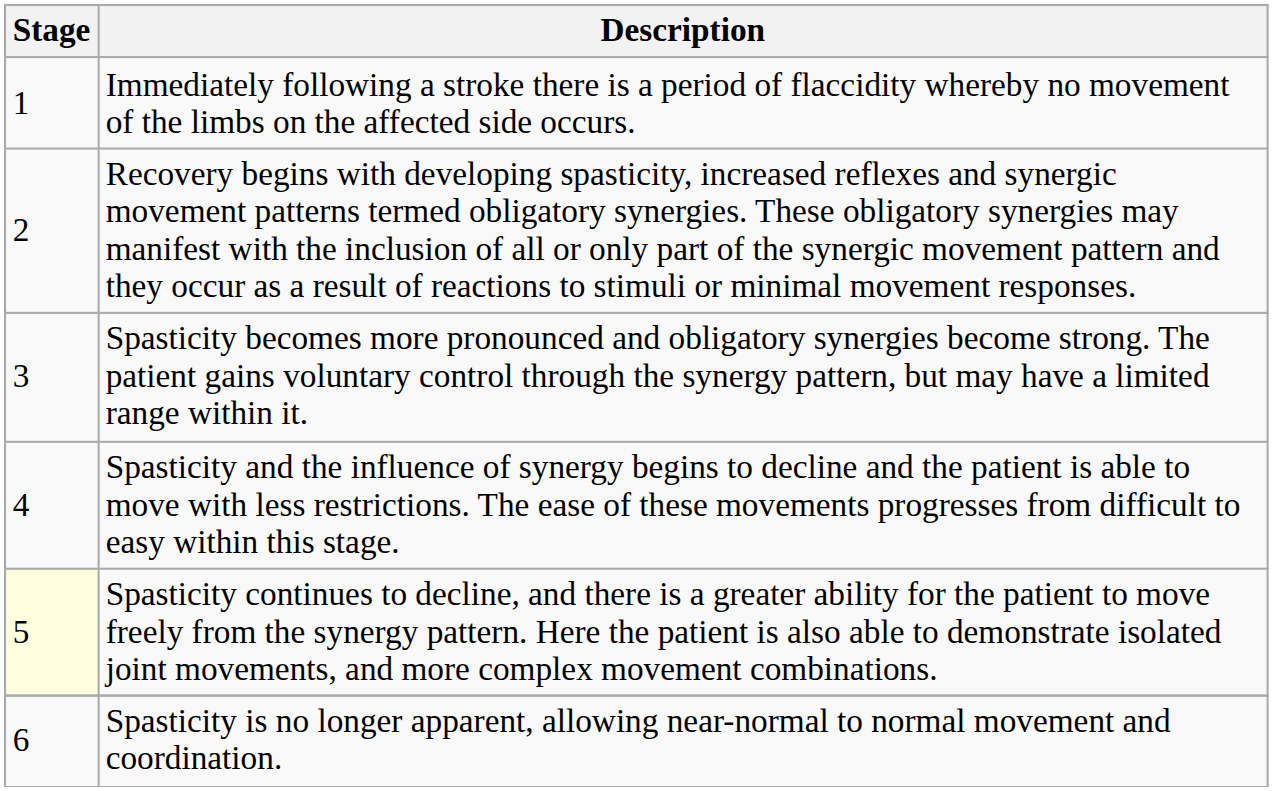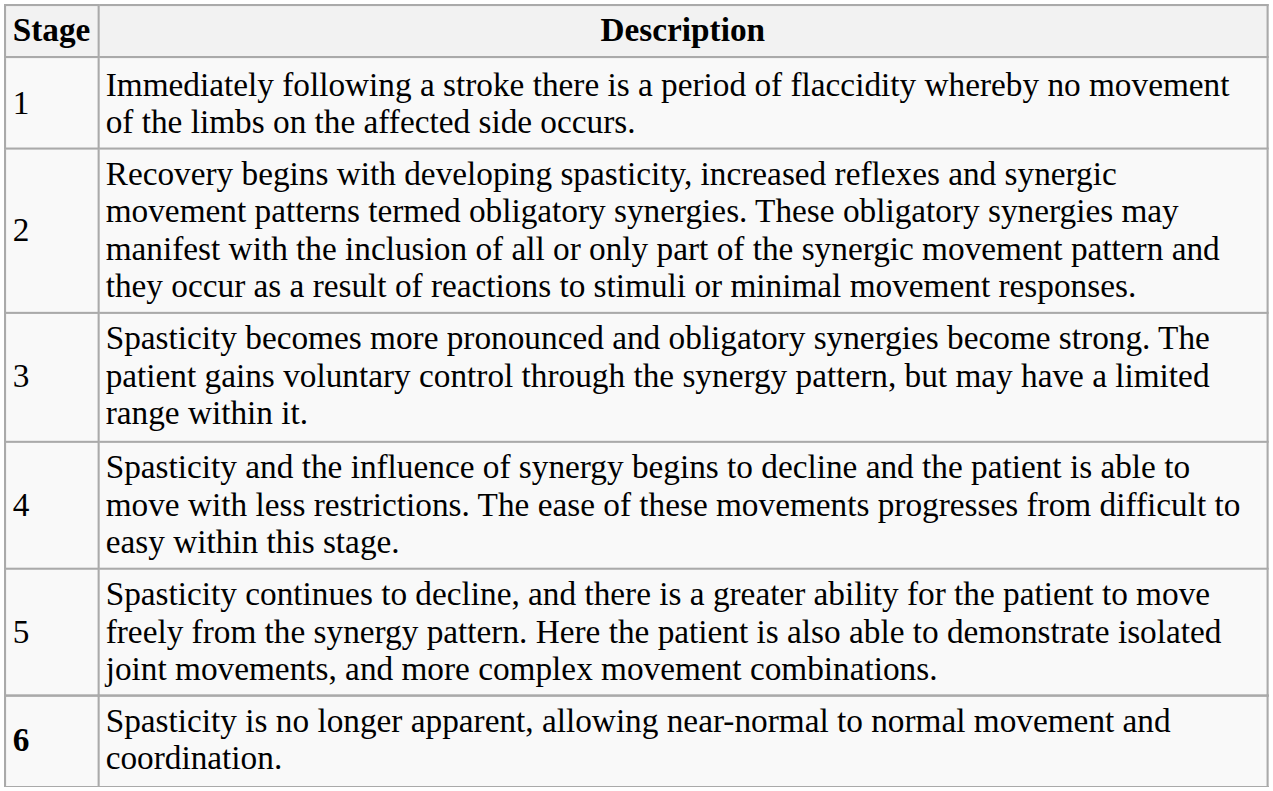 <table class="wikitable">
 <tr>
 <th>Stage</th>
 <th>Description</th>
 </tr>
 <tr>
 <td>1</td>
 <td>Immediately following a stroke there is a period of flaccidity whereby no movement of the limbs on the affected side occurs.</td>
 </tr>
 <tr>
 <td>2</td>
 <td>Recovery begins with developing spasticity, increased reflexes and synergic movement patterns termed obligatory synergies.  These obligatory synergies may manifest with the inclusion of all or only part of the synergic movement pattern and they occur as a result of reactions to stimuli or minimal movement responses.</td>
 </tr>
 <tr>
 <td>3</td>
 <td>Spasticity becomes more pronounced and obligatory synergies become strong.  The patient gains voluntary control through the synergy pattern, but may have a limited range within it.</td>
 </tr>
 <tr>
 <td>4</td>
 <td>Spasticity and the influence of synergy begins to decline and the patient is able to move with less restrictions.  The ease of these movements progresses from difficult to easy within this stage.</td>
 </tr>
 <tr>
-<td style="background: lightyellow;">5</td>
+<td>5</td>
 <td>Spasticity continues to decline, and there is a greater ability for the patient to move freely from the synergy pattern.  Here the patient is also able to demonstrate isolated joint movements, and more complex movement combinations.</td>
 </tr>
 <tr>
 </tr>
 <tr>
-<td>6</td>
+<td><strong>6</strong></td>
 <td>Spasticity is no longer apparent, allowing near-normal to normal movement and coordination.</td>
 </tr>
 <tr>
 </tr>
 </table>
